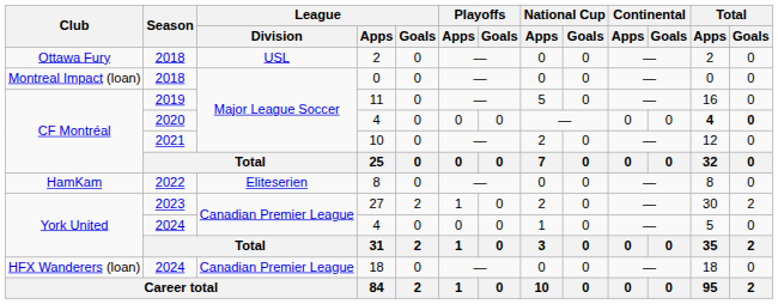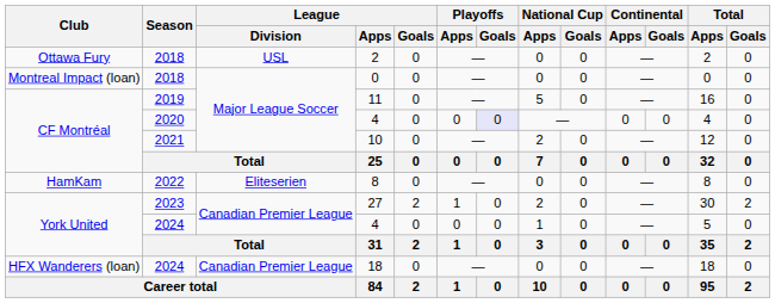 <table class="wikitable" style="text-align:center">
 <tr>
 <th rowspan="2">Club</th>
 <th rowspan="2">Season</th>
 <th colspan="3">League</th>
 <th colspan="2">Playoffs</th>
 <th colspan="2">National Cup</th>
 <th colspan="2">Continental</th>
 <th colspan="2">Total</th>
 </tr>
 <tr>
 <th>Division</th>
 <th>Apps</th>
 <th>Goals</th>
 <th>Apps</th>
 <th>Goals</th>
 <th>Apps</th>
 <th>Goals</th>
 <th>Apps</th>
 <th>Goals</th>
 <th>Apps</th>
 <th>Goals</th>
 </tr>
 <tr>
 <td><a href='#'>Ottawa Fury</a></td>
 <td><a href='#'>2018</a></td>
 <td><a href='#'>USL</a></td>
 <td>2</td>
 <td>0</td>
 <td colspan="2">—</td>
 <td>0</td>
 <td>0</td>
 <td colspan="2">—</td>
 <td>2</td>
 <td>0</td>
 </tr>
 <tr>
 <td><a href='#'>Montreal Impact</a> (loan)</td>
 <td><a href='#'>2018</a></td>
 <td rowspan="4"><a href='#'>Major League Soccer</a></td>
 <td>0</td>
 <td>0</td>
 <td colspan="2">—</td>
 <td>0</td>
 <td>0</td>
 <td colspan="2">—</td>
 <td>0</td>
 <td>0</td>
 </tr>
 <tr>
 <td rowspan="4"><a href='#'>CF Montréal</a></td>
 <td><a href='#'>2019</a></td>
 <td>11</td>
 <td>0</td>
 <td colspan="2">—</td>
 <td>5</td>
 <td>0</td>
 <td colspan="2">—</td>
 <td>16</td>
 <td>0</td>
 </tr>
 <tr>
 <td><a href='#'>2020</a></td>
 <td>4</td>
 <td>0</td>
 <td>0</td>
-<td>0</td>
+<td style="background: lavender;">0</td>
 <td colspan="2">—</td>
 <td>0</td>
 <td>0</td>
-<td><strong>4</strong></td>
-<td><strong>0</strong></td>
+<td>4</td>
+<td>0</td>
 </tr>
 <tr>
 <td><a href='#'>2021</a></td>
 <td>10</td>
 <td>0</td>
 <td colspan="2">—</td>
 <td>2</td>
 <td>0</td>
 <td colspan="2">—</td>
 <td>12</td>
 <td>0</td>
 </tr>
 <tr>
 <th colspan="2">Total</th>
 <th>25</th>
 <th>0</th>
 <th>0</th>
 <th>0</th>
 <th>7</th>
 <th>0</th>
 <th>0</th>
 <th>0</th>
 <th>32</th>
 <th>0</th>
 </tr>
 <tr>
 <td><a href='#'>HamKam</a></td>
 <td><a href='#'>2022</a></td>
 <td><a href='#'>Eliteserien</a></td>
 <td>8</td>
 <td>0</td>
 <td colspan="2">—</td>
 <td>0</td>
 <td>0</td>
 <td colspan="2">—</td>
 <td>8</td>
 <td>0</td>
 </tr>
 <tr>
 <td rowspan=3><a href='#'>York United</a></td>
 <td><a href='#'>2023</a></td>
 <td rowspan=2><a href='#'>Canadian Premier League</a></td>
 <td>27</td>
 <td>2</td>
 <td>1</td>
 <td>0</td>
 <td>2</td>
 <td>0</td>
 <td colspan="2">—</td>
 <td>30</td>
 <td>2</td>
 </tr>
 <tr>
 <td><a href='#'>2024</a></td>
 <td>4</td>
 <td>0</td>
 <td>0</td>
 <td>0</td>
 <td>1</td>
 <td>0</td>
 <td colspan="2">—</td>
 <td>5</td>
 <td>0</td>
 </tr>
 <tr>
 <th colspan="2">Total</th>
 <th>31</th>
 <th>2</th>
 <th>1</th>
 <th>0</th>
 <th>3</th>
 <th>0</th>
 <th>0</th>
 <th>0</th>
 <th>35</th>
 <th>2</th>
 </tr>
 <tr>
 <td><a href='#'>HFX Wanderers</a> (loan)</td>
 <td><a href='#'>2024</a></td>
 <td><a href='#'>Canadian Premier League</a></td>
 <td>18</td>
 <td>0</td>
 <td colspan="2">—</td>
 <td>0</td>
 <td>0</td>
 <td colspan="2">—</td>
 <td>18</td>
 <td>0</td>
 </tr>
 <tr>
 <th colspan="3">Career total</th>
 <th>84</th>
 <th>2</th>
 <th>1</th>
 <th>0</th>
 <th>10</th>
 <th>0</th>
 <th>0</th>
 <th>0</th>
 <th>95</th>
 <th>2</th>
 </tr>
 </table>
